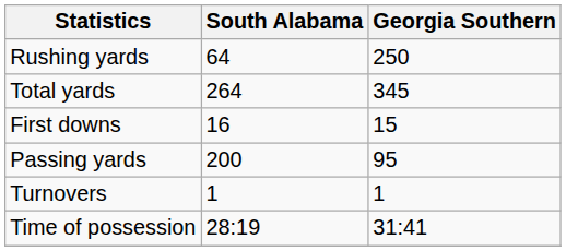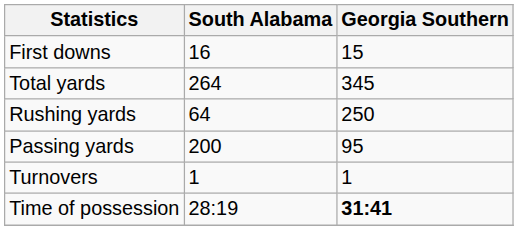 <table class="wikitable">
 <tr>
 <th>Statistics</th>
 <th>South Alabama</th>
 <th>Georgia Southern</th>
 </tr>
 <tr>
-<td>Rushing yards</td>
-<td>64</td>
-<td>250</td>
+<td>First downs</td>
+<td>16</td>
+<td>15</td>
 </tr>
 <tr>
 <td>Total yards</td>
 <td>264</td>
 <td>345</td>
 </tr>
 <tr>
-<td>First downs</td>
-<td>16</td>
-<td>15</td>
+<td>Rushing yards</td>
+<td>64</td>
+<td>250</td>
 </tr>
 <tr>
 <td>Passing yards</td>
 <td>200</td>
 <td>95</td>
 </tr>
 <tr>
 <td>Turnovers</td>
 <td>1</td>
 <td>1</td>
 </tr>
 <tr>
 <td>Time of possession</td>
 <td>28:19</td>
-<td>31:41</td>
+<td><strong>31:41</strong></td>
 </tr>
 <tr>
 </tr>
 </table>
